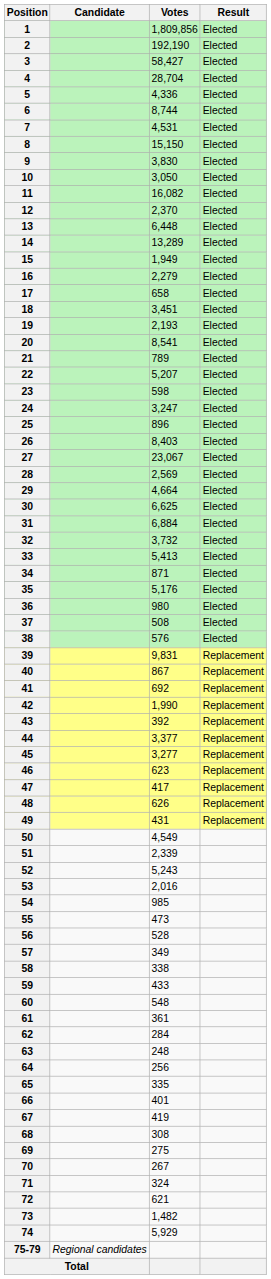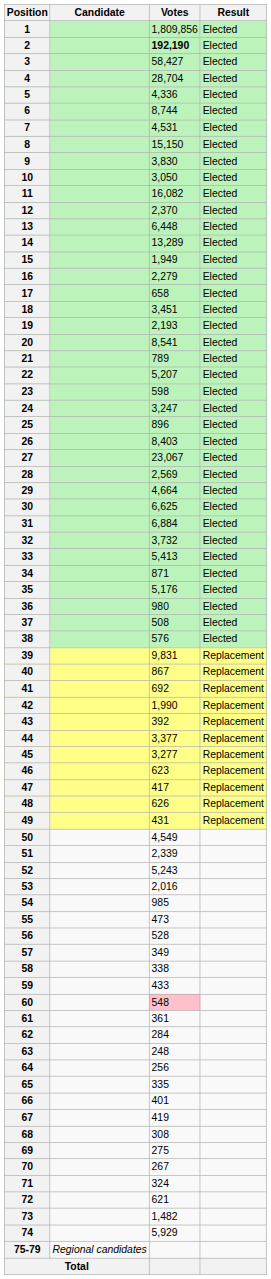 <table class="wikitable sortable col3right">
 <tr>
 <th scope="col">Position</th>
 <th scope="col">Candidate</th>
 <th scope="col">Votes</th>
 <th scope="col">Result</th>
 </tr>
 <tr bgcolor=bbf3bb>
 <th scope="row">1</th>
 <td></td>
 <td>1,809,856</td>
 <td>Elected</td>
 </tr>
 <tr bgcolor=bbf3bb>
 <th scope="row">2</th>
 <td></td>
-<td>192,190</td>
+<td><strong>192,190</strong></td>
 <td>Elected</td>
 </tr>
 <tr bgcolor=bbf3bb>
 <th scope="row">3</th>
 <td></td>
 <td>58,427</td>
 <td>Elected</td>
 </tr>
 <tr bgcolor=bbf3bb>
 <th scope="row">4</th>
 <td></td>
 <td>28,704</td>
 <td>Elected</td>
 </tr>
 <tr bgcolor=bbf3bb>
 <th scope="row">5</th>
 <td></td>
 <td>4,336</td>
 <td>Elected</td>
 </tr>
 <tr bgcolor=bbf3bb>
 <th scope="row">6</th>
 <td></td>
 <td>8,744</td>
 <td>Elected</td>
 </tr>
 <tr bgcolor=bbf3bb>
 <th scope="row">7</th>
 <td></td>
 <td>4,531</td>
 <td>Elected</td>
 </tr>
 <tr bgcolor=bbf3bb>
 <th scope="row">8</th>
 <td></td>
 <td>15,150</td>
 <td>Elected</td>
 </tr>
 <tr bgcolor=bbf3bb>
 <th scope="row">9</th>
 <td></td>
 <td>3,830</td>
 <td>Elected</td>
 </tr>
 <tr bgcolor=bbf3bb>
 <th scope="row">10</th>
 <td></td>
 <td>3,050</td>
 <td>Elected</td>
 </tr>
 <tr bgcolor=bbf3bb>
 <th scope="row">11</th>
 <td></td>
 <td>16,082</td>
 <td>Elected</td>
 </tr>
 <tr bgcolor=bbf3bb>
 <th scope="row">12</th>
 <td></td>
 <td>2,370</td>
 <td>Elected</td>
 </tr>
 <tr bgcolor=bbf3bb>
 <th scope="row">13</th>
 <td></td>
 <td>6,448</td>
 <td>Elected</td>
 </tr>
 <tr bgcolor=bbf3bb>
 <th scope="row">14</th>
 <td></td>
 <td>13,289</td>
 <td>Elected</td>
 </tr>
 <tr bgcolor=bbf3bb>
 <th scope="row">15</th>
 <td></td>
 <td>1,949</td>
 <td>Elected</td>
 </tr>
 <tr bgcolor=bbf3bb>
 <th scope="row">16</th>
 <td></td>
 <td>2,279</td>
 <td>Elected</td>
 </tr>
 <tr bgcolor=bbf3bb>
 <th scope="row">17</th>
 <td></td>
 <td>658</td>
 <td>Elected</td>
 </tr>
 <tr bgcolor=bbf3bb>
 <th scope="row">18</th>
 <td></td>
 <td>3,451</td>
 <td>Elected</td>
 </tr>
 <tr bgcolor=bbf3bb>
 <th scope="row">19</th>
 <td></td>
 <td>2,193</td>
 <td>Elected</td>
 </tr>
 <tr bgcolor=bbf3bb>
 <th scope="row">20</th>
 <td></td>
 <td>8,541</td>
 <td>Elected</td>
 </tr>
 <tr bgcolor=bbf3bb>
 <th scope="row">21</th>
 <td></td>
 <td>789</td>
 <td>Elected</td>
 </tr>
 <tr bgcolor=bbf3bb>
 <th scope="row">22</th>
 <td></td>
 <td>5,207</td>
 <td>Elected</td>
 </tr>
 <tr bgcolor=bbf3bb>
 <th scope="row">23</th>
 <td></td>
 <td>598</td>
 <td>Elected</td>
 </tr>
 <tr bgcolor=bbf3bb>
 <th scope="row">24</th>
 <td></td>
 <td>3,247</td>
 <td>Elected</td>
 </tr>
 <tr bgcolor=bbf3bb>
 <th scope="row">25</th>
 <td></td>
 <td>896</td>
 <td>Elected</td>
 </tr>
 <tr bgcolor=bbf3bb>
 <th scope="row">26</th>
 <td></td>
 <td>8,403</td>
 <td>Elected</td>
 </tr>
 <tr bgcolor=bbf3bb>
 <th scope="row">27</th>
 <td></td>
 <td>23,067</td>
 <td>Elected</td>
 </tr>
 <tr bgcolor=bbf3bb>
 <th scope="row">28</th>
 <td></td>
 <td>2,569</td>
 <td>Elected</td>
 </tr>
 <tr bgcolor=bbf3bb>
 <th scope="row">29</th>
 <td></td>
 <td>4,664</td>
 <td>Elected</td>
 </tr>
 <tr bgcolor=bbf3bb>
 <th scope="row">30</th>
 <td></td>
 <td>6,625</td>
 <td>Elected</td>
 </tr>
 <tr bgcolor=bbf3bb>
 <th scope="row">31</th>
 <td></td>
 <td>6,884</td>
 <td>Elected</td>
 </tr>
 <tr bgcolor=bbf3bb>
 <th scope="row">32</th>
 <td></td>
 <td>3,732</td>
 <td>Elected</td>
 </tr>
 <tr bgcolor=bbf3bb>
 <th scope="row">33</th>
 <td></td>
 <td>5,413</td>
 <td>Elected</td>
 </tr>
 <tr bgcolor=bbf3bb>
 <th scope="row">34</th>
 <td></td>
 <td>871</td>
 <td>Elected</td>
 </tr>
 <tr bgcolor=bbf3bb>
 <th scope="row">35</th>
 <td></td>
 <td>5,176</td>
 <td>Elected</td>
 </tr>
 <tr bgcolor=bbf3bb>
 <th scope="row">36</th>
 <td></td>
 <td>980</td>
 <td>Elected</td>
 </tr>
 <tr bgcolor=bbf3bb>
 <th scope="row">37</th>
 <td></td>
 <td>508</td>
 <td>Elected</td>
 </tr>
 <tr bgcolor=bbf3bb>
 <th scope="row">38</th>
 <td></td>
 <td>576</td>
 <td>Elected</td>
 </tr>
 <tr bgcolor=#FF8>
 <th scope="row">39</th>
 <td></td>
 <td>9,831</td>
 <td>Replacement</td>
 </tr>
 <tr bgcolor=#FF8>
 <th scope="row">40</th>
 <td></td>
 <td>867</td>
 <td>Replacement</td>
 </tr>
 <tr bgcolor=#FF8>
 <th scope="row">41</th>
 <td></td>
 <td>692</td>
 <td>Replacement</td>
 </tr>
 <tr bgcolor=#FF8>
 <th scope="row">42</th>
 <td></td>
 <td>1,990</td>
 <td>Replacement</td>
 </tr>
 <tr bgcolor=#FF8>
 <th scope="row">43</th>
 <td></td>
 <td>392</td>
 <td>Replacement</td>
 </tr>
 <tr bgcolor=#FF8>
 <th scope="row">44</th>
 <td></td>
 <td>3,377</td>
 <td>Replacement</td>
 </tr>
 <tr bgcolor=#FF8>
 <th scope="row">45</th>
 <td></td>
 <td>3,277</td>
 <td>Replacement</td>
 </tr>
 <tr bgcolor=#FF8>
 <th scope="row">46</th>
 <td></td>
 <td>623</td>
 <td>Replacement</td>
 </tr>
 <tr bgcolor=#FF8>
 <th scope="row">47</th>
 <td></td>
 <td>417</td>
 <td>Replacement</td>
 </tr>
 <tr bgcolor=#FF8>
 <th scope="row">48</th>
 <td></td>
 <td>626</td>
 <td>Replacement</td>
 </tr>
 <tr bgcolor=#FF8>
 <th scope="row">49</th>
 <td></td>
 <td>431</td>
 <td>Replacement</td>
 </tr>
 <tr>
 <th scope="row">50</th>
 <td></td>
 <td>4,549</td>
 <td></td>
 </tr>
 <tr>
 <th scope="row">51</th>
 <td></td>
 <td>2,339</td>
 <td></td>
 </tr>
 <tr>
 <th scope="row">52</th>
 <td></td>
 <td>5,243</td>
 <td></td>
 </tr>
 <tr>
 <th scope="row">53</th>
 <td></td>
 <td>2,016</td>
 <td></td>
 </tr>
 <tr>
 <th scope="row">54</th>
 <td></td>
 <td>985</td>
 <td></td>
 </tr>
 <tr>
 <th scope="row">55</th>
 <td></td>
 <td>473</td>
 <td></td>
 </tr>
 <tr>
 <th scope="row">56</th>
 <td></td>
 <td>528</td>
 <td></td>
 </tr>
 <tr>
 <th scope="row">57</th>
 <td></td>
 <td>349</td>
 <td></td>
 </tr>
 <tr>
 <th scope="row">58</th>
 <td></td>
 <td>338</td>
 <td></td>
 </tr>
 <tr>
 <th scope="row">59</th>
 <td></td>
 <td>433</td>
 <td></td>
 </tr>
 <tr>
 <th scope="row">60</th>
 <td></td>
-<td>548</td>
+<td style="background: pink;">548</td>
 <td></td>
 </tr>
 <tr>
 <th scope="row">61</th>
 <td></td>
 <td>361</td>
 <td></td>
 </tr>
 <tr>
 <th scope="row">62</th>
 <td></td>
 <td>284</td>
 <td></td>
 </tr>
 <tr>
 <th scope="row">63</th>
 <td></td>
 <td>248</td>
 <td></td>
 </tr>
 <tr>
 <th scope="row">64</th>
 <td></td>
 <td>256</td>
 <td></td>
 </tr>
 <tr>
 <th scope="row">65</th>
 <td></td>
 <td>335</td>
 <td></td>
 </tr>
 <tr>
 <th scope="row">66</th>
 <td></td>
 <td>401</td>
 <td></td>
 </tr>
 <tr>
 <th scope="row">67</th>
 <td></td>
 <td>419</td>
 <td></td>
 </tr>
 <tr>
 <th scope="row">68</th>
 <td></td>
 <td>308</td>
 <td></td>
 </tr>
 <tr>
 <th scope="row">69</th>
 <td></td>
 <td>275</td>
 <td></td>
 </tr>
 <tr>
 <th scope="row">70</th>
 <td></td>
 <td>267</td>
 <td></td>
 </tr>
 <tr>
 <th scope="row">71</th>
 <td></td>
 <td>324</td>
 <td></td>
 </tr>
 <tr>
 <th scope="row">72</th>
 <td></td>
 <td>621</td>
 <td></td>
 </tr>
 <tr>
 <th scope="row">73</th>
 <td></td>
 <td>1,482</td>
 <td></td>
 </tr>
 <tr>
 <th scope="row">74</th>
 <td></td>
 <td>5,929</td>
 <td></td>
 </tr>
 <tr>
 <th scope="row">75-79</th>
 <td><em>Regional candidates</em></td>
 <td></td>
 <td></td>
 </tr>
 <tr class="sortbottom">
 <th scope="row" colspan="2">Total</th>
 <th></th>
 <th></th>
 </tr>
 </table>
